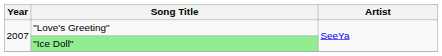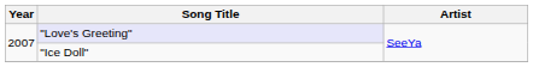 <table class="wikitable" style="width:700px">
 <tr>
 <th width=10>Year</th>
 <th>Song Title</th>
 <th>Artist</th>
 </tr>
 <tr>
 <td rowspan=2>2007</td>
-<td>"Love's Greeting" </td>
+<td style="background: lavender;">"Love's Greeting" </td>
 <td rowspan=2><a href='#'>SeeYa</a></td>
 </tr>
 <tr>
-<td style="background: lightgreen;">"Ice Doll" </td>
+<td>"Ice Doll" </td>
 </tr>
 <tr>
 </tr>
 </table>
